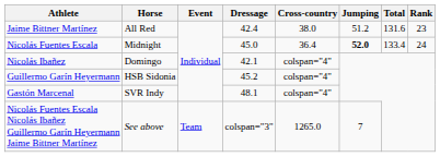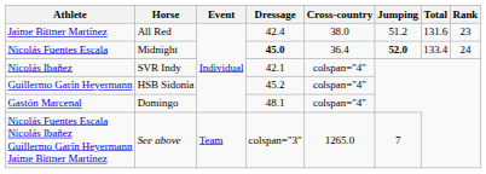 <table class=wikitable style=font-size:90%;text-align:center>
 <tr>
 <th>Athlete</th>
 <th>Horse</th>
 <th>Event</th>
 <th>Dressage</th>
 <th>Cross-country</th>
 <th>Jumping</th>
 <th>Total</th>
 <th>Rank</th>
 </tr>
 <tr>
 <td style="text-align:left"><a href='#'>Jaime Bittner Martínez</a></td>
 <td style="text-align:left">All Red</td>
 <td style="text-align:left" rowspan=5><a href='#'>Individual</a></td>
 <td>42.4</td>
 <td>38.0</td>
 <td>51.2</td>
 <td>131.6</td>
 <td>23</td>
 </tr>
 <tr>
 <td style="text-align:left"><a href='#'>Nicolás Fuentes Escala</a></td>
 <td style="text-align:left">Midnight</td>
-<td>45.0</td>
+<td><strong>45.0</strong></td>
 <td>36.4</td>
 <td><strong>52.0</strong></td>
 <td>133.4</td>
 <td>24</td>
 </tr>
 <tr>
 <td style="text-align:left"><a href='#'>Nicolás Ibañez</a></td>
-<td style="text-align:left">Domingo</td>
+<td style="text-align:left">SVR Indy</td>
 <td>42.1</td>
 <td>colspan="4" </td>
 </tr>
 <tr>
 <td style="text-align:left"><a href='#'>Guillermo Garín Heyermann</a></td>
 <td style="text-align:left">HSB Sidonia</td>
 <td>45.2</td>
 <td>colspan="4" </td>
 </tr>
 <tr>
 <td style="text-align:left"><a href='#'>Gastón Marcenal</a></td>
-<td style="text-align:left">SVR Indy</td>
+<td style="text-align:left">Domingo</td>
 <td>48.1</td>
 <td>colspan="4" </td>
 </tr>
 <tr>
 <td style="text-align:left"><a href='#'>Nicolás Fuentes Escala</a><br><a href='#'>Nicolás Ibañez</a><br><a href='#'>Guillermo Garín Heyermann</a><br><a href='#'>Jaime Bittner Martínez</a></td>
 <td style="text-align:left"><em>See above</em></td>
 <td style="text-align:left"><a href='#'>Team</a></td>
 <td>colspan="3" </td>
 <td>1265.0</td>
 <td>7</td>
 </tr>
 </table>
